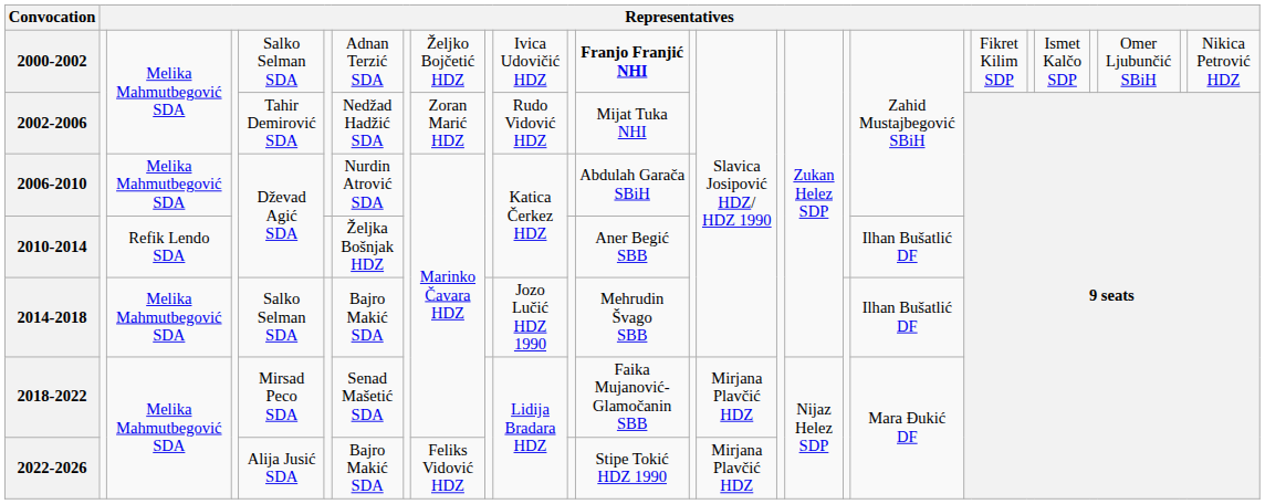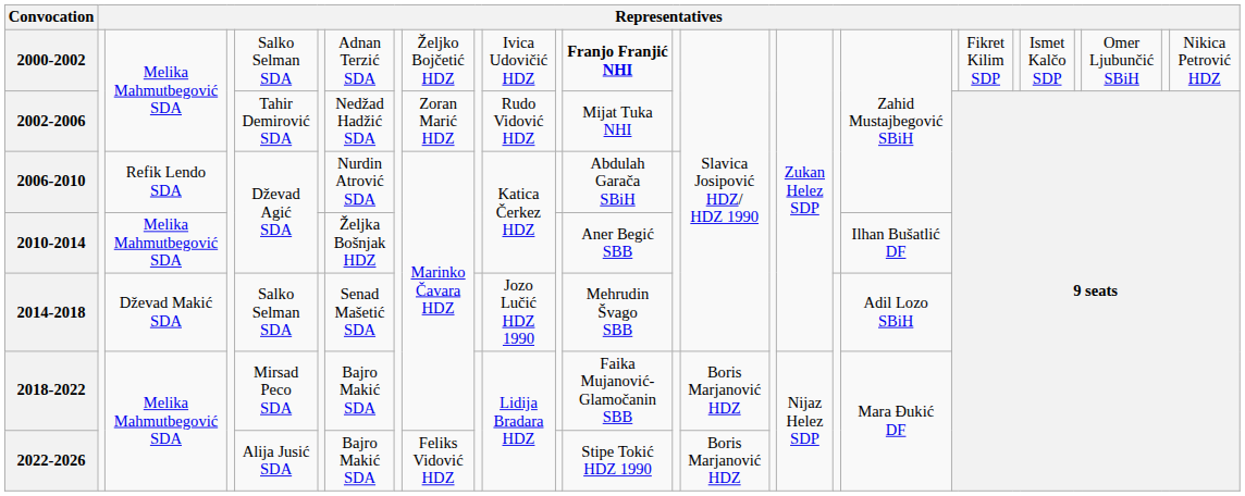 <table class="wikitable" style="text-align:center">
 <tr>
 <th>Convocation</th>
 <th colspan=26>Representatives</th>
 </tr>
 <tr>
 <th>2000-2002</th>
 <td rowspan=7; style="background-color: "></td>
 <td rowspan=2><a href='#'>Melika Mahmutbegović</a><br><a href='#'>SDA</a></td>
 <td rowspan=7; style="background-color: "></td>
 <td rowspan=1>Salko Selman<br><a href='#'>SDA</a></td>
 <td rowspan=3; style="background-color: "></td>
 <td rowspan=1>Adnan Terzić<br><a href='#'>SDA</a></td>
 <td rowspan=7; style="background-color: "></td>
 <td rowspan=1>Željko Bojčetić<br><a href='#'>HDZ</a></td>
 <td rowspan=4; style="background-color: "></td>
 <td rowspan=1>Ivica Udovičić<br><a href='#'>HDZ</a></td>
 <td rowspan=2; style="background-color: "></td>
 <td rowspan=1><strong>Franjo Franjić<br><a href='#'>NHI</a></strong></td>
 <td rowspan=2; style="background-color: "></td>
 <td rowspan=5>Slavica Josipović<br><a href='#'>HDZ</a>/<br><a href='#'>HDZ 1990</a></td>
 <td rowspan=7; style="background-color: "></td>
 <td rowspan=5><a href='#'>Zukan Helez</a><br><a href='#'>SDP</a></td>
 <td rowspan=4; style="background-color: "></td>
 <td rowspan=3>Zahid Mustajbegović<br><a href='#'>SBiH</a></td>
 <td rowspan=1; style="background-color: "></td>
 <td rowspan=1>Fikret Kilim<br><a href='#'>SDP</a></td>
 <td rowspan=1; style="background-color: "></td>
 <td rowspan=1>Ismet Kalčo<br><a href='#'>SDP</a></td>
 <td rowspan=1; style="background-color: "></td>
 <td rowspan=1>Omer Ljubunčić<br><a href='#'>SBiH</a></td>
 <td rowspan=1; style="background-color: "></td>
 <td rowspan=1>Nikica Petrović<br><a href='#'>HDZ</a></td>
 </tr>
 <tr>
 <th>2002-2006</th>
 <td rowspan=1>Tahir Demirović<br><a href='#'>SDA</a></td>
 <td rowspan=1>Nedžad Hadžić<br><a href='#'>SDA</a></td>
 <td rowspan=1>Zoran Marić<br><a href='#'>HDZ</a></td>
 <td rowspan=1>Rudo Vidović<br><a href='#'>HDZ</a></td>
 <td rowspan=1>Mijat Tuka<br><a href='#'>NHI</a></td>
 <th rowspan=7; colspan=8>9 seats</th>
 </tr>
 <tr>
 <th>2006-2010</th>
-<td rowspan=1><a href='#'>Melika Mahmutbegović</a><br><a href='#'>SDA</a></td>
+<td rowspan=1>Refik Lendo<br><a href='#'>SDA</a></td>
 <td rowspan=2>Dževad Agić<br><a href='#'>SDA</a></td>
 <td rowspan=1>Nurdin Atrović<br><a href='#'>SDA</a></td>
 <td rowspan=4><a href='#'>Marinko Čavara</a><br><a href='#'>HDZ</a></td>
 <td rowspan=2>Katica Čerkez<br><a href='#'>HDZ</a></td>
 <td rowspan=1; style="background-color: "></td>
 <td rowspan=1>Abdulah Garača<br><a href='#'>SBiH</a></td>
 <td rowspan=3; style="background-color: "></td>
 </tr>
 <tr>
 <th>2010-2014</th>
-<td rowspan=1>Refik Lendo<br><a href='#'>SDA</a></td>
+<td rowspan=1><a href='#'>Melika Mahmutbegović</a><br><a href='#'>SDA</a></td>
 <td rowspan=1; style="background-color: "></td>
 <td rowspan=1>Željka Bošnjak<br><a href='#'>HDZ</a></td>
 <td rowspan=3; style="background-color: "></td>
 <td rowspan=1>Aner Begić<br><a href='#'>SBB</a></td>
 <td rowspan=1>Ilhan Bušatlić<br><a href='#'>DF</a></td>
 </tr>
 <tr>
 <th>2014-2018</th>
-<td rowspan=1><a href='#'>Melika Mahmutbegović</a><br><a href='#'>SDA</a></td>
+<td rowspan=1>Dževad Makić<br><a href='#'>SDA</a></td>
 <td rowspan=1>Salko Selman<br><a href='#'>SDA</a></td>
 <td rowspan=3; style="background-color: "></td>
-<td rowspan=1>Bajro Makić<br><a href='#'>SDA</a></td>
+<td rowspan=1>Senad Mašetić<br><a href='#'>SDA</a></td>
 <td rowspan=1; style="background-color: "></td>
 <td rowspan=1>Jozo Lučić<br><a href='#'>HDZ 1990</a></td>
 <td rowspan=1>Mehrudin Švago<br><a href='#'>SBB</a></td>
 <td rowspan=3; style="background-color: "></td>
-<td rowspan=1>Ilhan Bušatlić<br><a href='#'>DF</a></td>
+<td rowspan=1>Adil Lozo<br><a href='#'>SBiH</a></td>
 </tr>
 <tr>
 <th>2018-2022</th>
 <td rowspan=2><a href='#'>Melika Mahmutbegović</a><br><a href='#'>SDA</a></td>
 <td rowspan=1>Mirsad Peco<br><a href='#'>SDA</a></td>
-<td rowspan=1>Senad Mašetić<br><a href='#'>SDA</a></td>
+<td rowspan=1>Bajro Makić<br><a href='#'>SDA</a></td>
 <td rowspan=2; style="background-color: "></td>
 <td rowspan=2><a href='#'>Lidija Bradara</a><br><a href='#'>HDZ</a></td>
 <td rowspan=1>Faika Mujanović-Glamočanin<br><a href='#'>SBB</a></td>
 <td rowspan=2; style="background-color: "></td>
-<td rowspan=1>Mirjana Plavčić<br><a href='#'>HDZ</a></td>
+<td rowspan=1>Boris Marjanović<br><a href='#'>HDZ</a></td>
 <td rowspan=2>Nijaz Helez<br><a href='#'>SDP</a></td>
 <td rowspan=2>Mara Đukić<br><a href='#'>DF</a></td>
 </tr>
 <tr>
 <th>2022-2026</th>
 <td rowspan=1>Alija Jusić<br><a href='#'>SDA</a></td>
 <td rowspan=1>Bajro Makić<br><a href='#'>SDA</a></td>
 <td rowspan=1>Feliks Vidović<br><a href='#'>HDZ</a></td>
 <td rowspan=1; style="background-color: "></td>
 <td rowspan=1>Stipe Tokić<br><a href='#'>HDZ 1990</a></td>
-<td rowspan=1>Mirjana Plavčić<br><a href='#'>HDZ</a></td>
+<td rowspan=1>Boris Marjanović<br><a href='#'>HDZ</a></td>
 </tr>
 </table>
